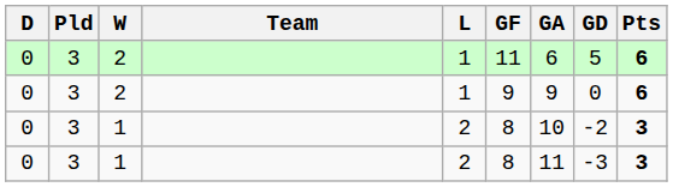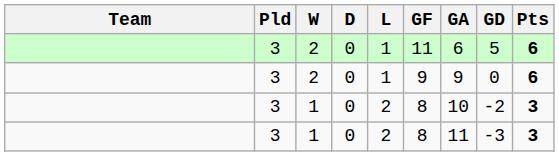 <table class="wikitable" style="text-align: center;">
 <tr>
-<th width="20">D</th>
+<th width="175">Team</th>
 <th width="20">Pld</th>
 <th width="20">W</th>
-<th width="175">Team</th>
+<th width="20">D</th>
 <th width="20">L</th>
 <th width="20">GF</th>
 <th width="20">GA</th>
 <th width="20">GD</th>
 <th width="20">Pts</th>
 </tr>
 <tr bgcolor="#ccffcc">
-<td>0</td>
+<td style="text-align:left;"></td>
 <td>3</td>
 <td>2</td>
-<td style="text-align:left;"></td>
+<td>0</td>
 <td>1</td>
 <td>11</td>
 <td>6</td>
 <td>5</td>
 <td><strong>6</strong></td>
 </tr>
 <tr align=center>
-<td>0</td>
+<td style="text-align:left;"></td>
 <td>3</td>
 <td>2</td>
-<td style="text-align:left;"></td>
+<td>0</td>
 <td>1</td>
 <td>9</td>
 <td>9</td>
 <td>0</td>
 <td><strong>6</strong></td>
 </tr>
 <tr align=center>
-<td>0</td>
+<td style="text-align:left;"></td>
 <td>3</td>
 <td>1</td>
-<td style="text-align:left;"></td>
+<td>0</td>
 <td>2</td>
 <td>8</td>
 <td>10</td>
 <td>-2</td>
 <td><strong>3</strong></td>
 </tr>
 <tr align=center>
-<td>0</td>
+<td style="text-align:left;"></td>
 <td>3</td>
 <td>1</td>
-<td style="text-align:left;"></td>
+<td>0</td>
 <td>2</td>
 <td>8</td>
 <td>11</td>
 <td>-3</td>
 <td><strong>3</strong></td>
 </tr>
 </table>
